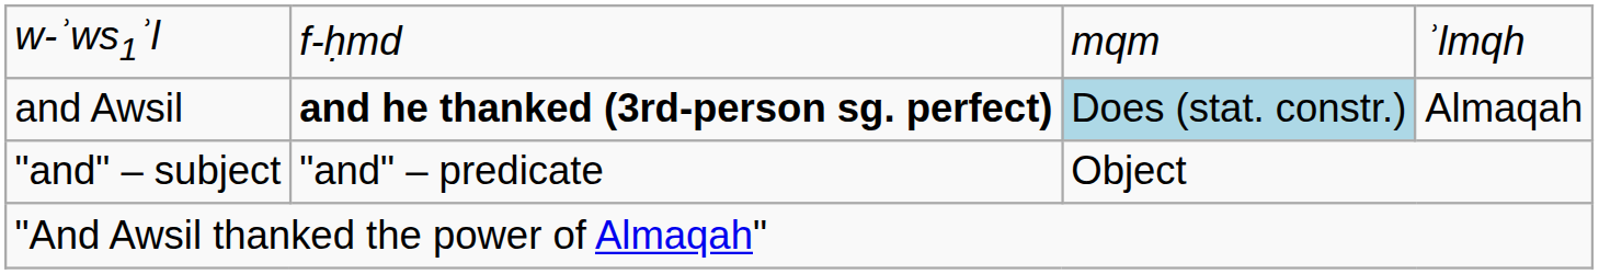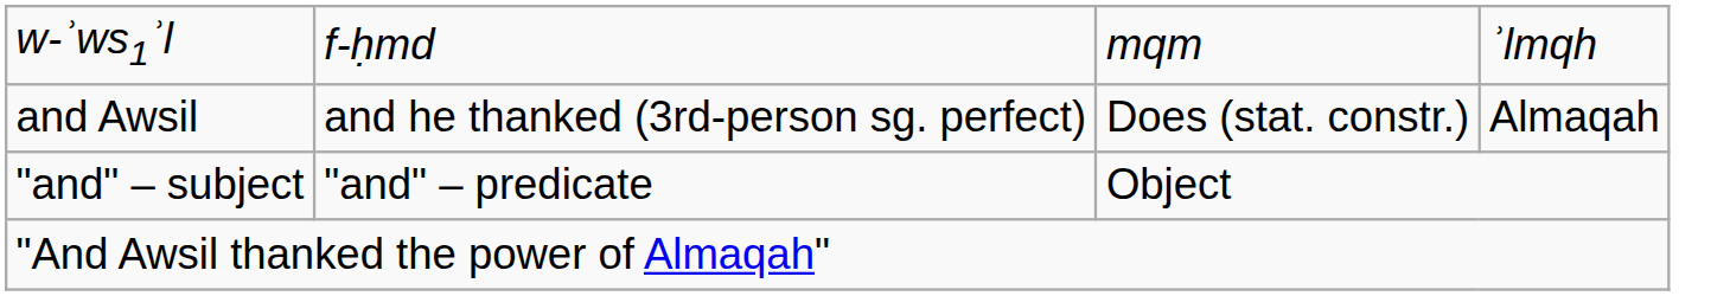 <table class="wikitable">
 <tr>
 <td><em>w-ʾws<sub>1</sub>ʾl</em></td>
 <td><em>f-ḥmd</em></td>
 <td><em>mqm</em></td>
 <td><em>ʾlmqh</em></td>
 </tr>
 <tr>
 <td>and Awsil</td>
-<td><strong>and he thanked (3rd-person sg. perfect)</strong></td>
-<td style="background: lightblue;">Does (stat. constr.)</td>
+<td>and he thanked (3rd-person sg. perfect)</td>
+<td>Does (stat. constr.)</td>
 <td>Almaqah</td>
 </tr>
 <tr>
 <td>"and" – subject</td>
 <td>"and" – predicate</td>
 <td colspan="2">Object</td>
 </tr>
 <tr>
 <td colspan="4">"And Awsil thanked the power of <a href='#'>Almaqah</a>"</td>
 </tr>
 </table>
